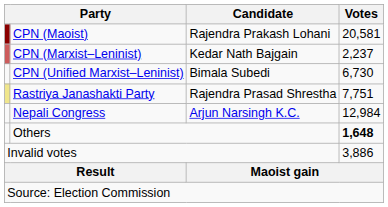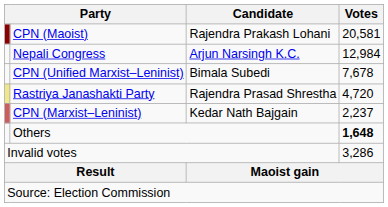 <table class="wikitable">
 <tr>
 <th colspan="2">Party</th>
 <th>Candidate</th>
 <th>Votes</th>
 </tr>
 <tr>
 <td style="background-color:darkred"></td>
 <td><a href='#'>CPN (Maoist)</a></td>
 <td>Rajendra Prakash Lohani</td>
 <td>20,581</td>
 </tr>
 <tr>
-<td style="background-color:indianred"></td>
-<td><a href='#'>CPN (Marxist–Leninist)</a></td>
-<td>Kedar Nath Bajgain</td>
-<td>2,237</td>
+<td style="background-color:"></td>
+<td><a href='#'>Nepali Congress</a></td>
+<td><a href='#'>Arjun Narsingh K.C.</a></td>
+<td>12,984</td>
 </tr>
 <tr>
 <td style="background-color:"></td>
 <td><a href='#'>CPN (Unified Marxist–Leninist)</a></td>
 <td>Bimala Subedi</td>
-<td>6,730</td>
+<td>7,678</td>
 </tr>
 <tr>
 <td style="background-color:khaki"></td>
 <td><a href='#'>Rastriya Janashakti Party</a></td>
 <td>Rajendra Prasad Shrestha</td>
-<td>7,751</td>
+<td>4,720</td>
 </tr>
 <tr>
-<td style="background-color:"></td>
-<td><a href='#'>Nepali Congress</a></td>
-<td><a href='#'>Arjun Narsingh K.C.</a></td>
-<td>12,984</td>
+<td style="background-color:indianred"></td>
+<td><a href='#'>CPN (Marxist–Leninist)</a></td>
+<td>Kedar Nath Bajgain</td>
+<td>2,237</td>
 </tr>
 <tr>
 <td></td>
 <td colspan="2">Others</td>
 <td><strong>1,648</strong></td>
 </tr>
 <tr>
 <td colspan="3">Invalid votes</td>
-<td>3,886</td>
+<td>3,286</td>
 </tr>
 <tr>
 <th colspan="2">Result</th>
 <th colspan="2">Maoist gain</th>
 </tr>
 <tr>
 <td colspan="4">Source: Election Commission</td>
 </tr>
 </table>
